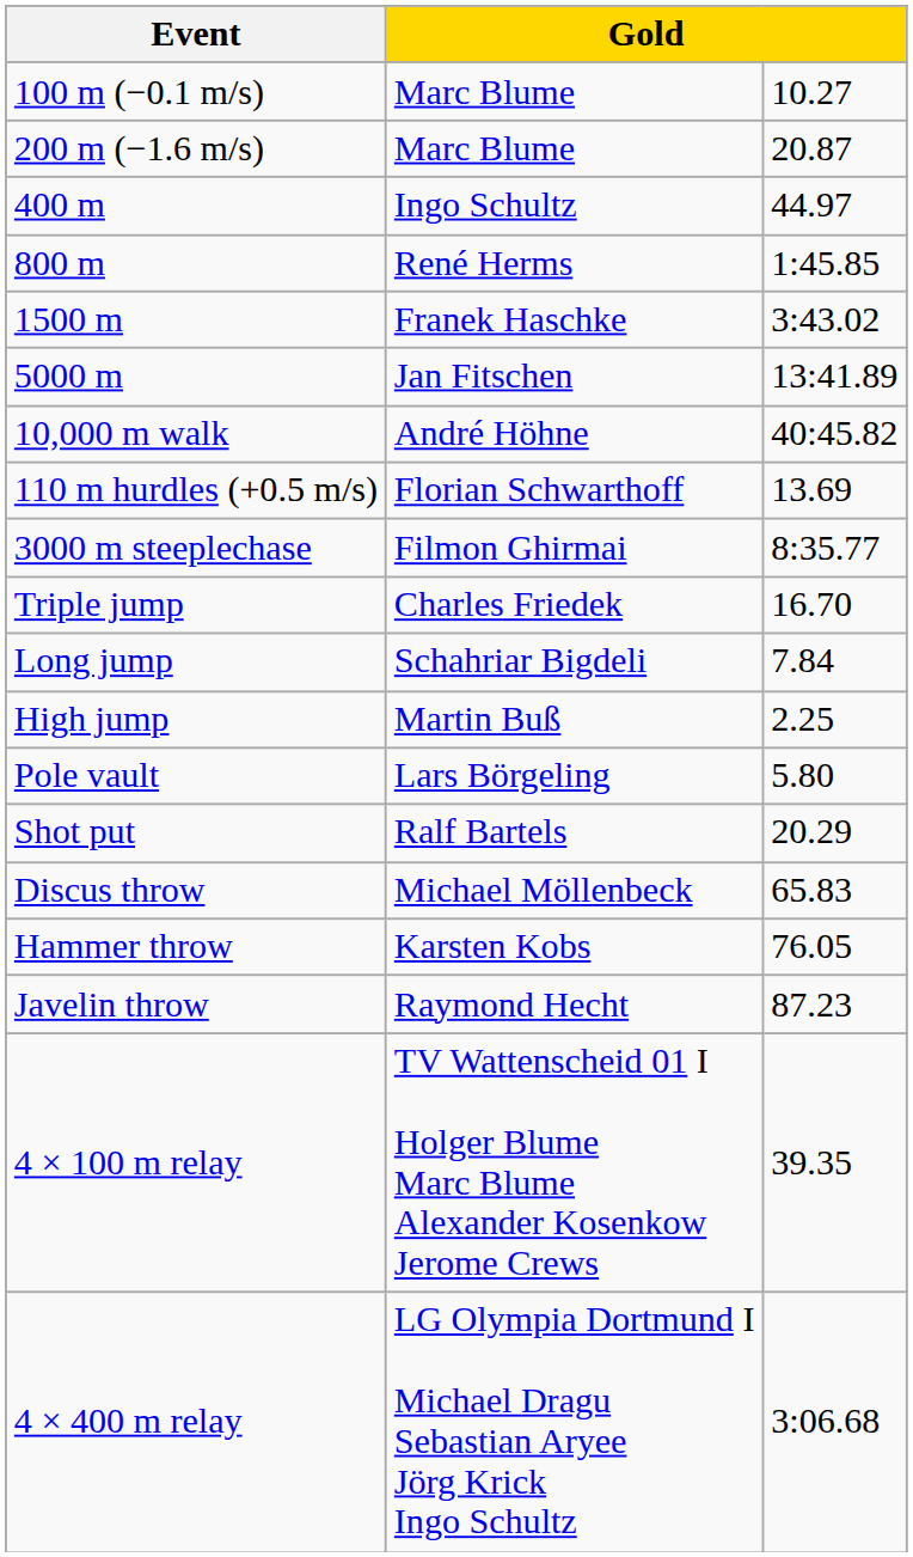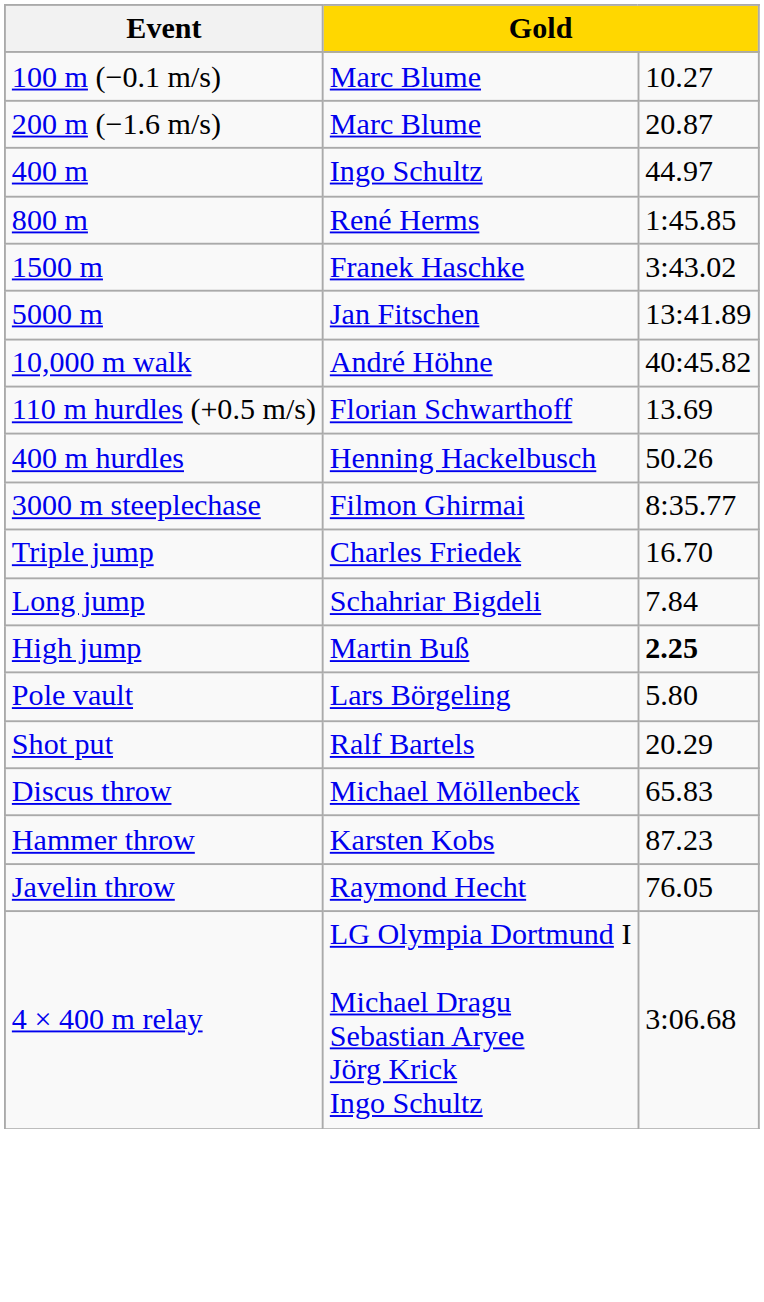 <table class="wikitable">
 <tr>
 <th>Event</th>
 <th style="background:gold;" colspan=2>Gold</th>
 </tr>
 <tr>
 <td><a href='#'>100 m</a> (−0.1 m/s)</td>
 <td><a href='#'>Marc Blume</a></td>
 <td>10.27</td>
 </tr>
 <tr>
 <td><a href='#'>200 m</a> (−1.6 m/s)</td>
 <td><a href='#'>Marc Blume</a></td>
 <td>20.87</td>
 </tr>
 <tr>
 <td><a href='#'>400 m</a></td>
 <td><a href='#'>Ingo Schultz</a></td>
 <td>44.97</td>
 </tr>
 <tr>
 <td><a href='#'>800 m</a></td>
 <td><a href='#'>René Herms</a></td>
 <td>1:45.85 </td>
 </tr>
 <tr>
 <td><a href='#'>1500 m</a></td>
 <td><a href='#'>Franek Haschke</a></td>
 <td>3:43.02</td>
 </tr>
 <tr>
 <td><a href='#'>5000 m</a></td>
 <td><a href='#'>Jan Fitschen</a></td>
 <td>13:41.89</td>
 </tr>
 <tr>
 <td><a href='#'>10,000 m walk</a></td>
 <td><a href='#'>André Höhne</a></td>
 <td>40:45.82 </td>
 </tr>
 <tr>
 <td><a href='#'>110 m hurdles</a> (+0.5 m/s)</td>
 <td><a href='#'>Florian Schwarthoff</a></td>
 <td>13.69</td>
 </tr>
 <tr>
+<td><a href='#'>400 m hurdles</a></td>
+<td><a href='#'>Henning Hackelbusch</a></td>
+<td>50.26 </td>
+</tr>
+<tr>
 <td><a href='#'>3000 m steeplechase</a></td>
 <td><a href='#'>Filmon Ghirmai</a></td>
 <td>8:35.77</td>
 </tr>
 <tr>
 <td><a href='#'>Triple jump</a></td>
 <td><a href='#'>Charles Friedek</a></td>
 <td>16.70</td>
 </tr>
 <tr>
 <td><a href='#'>Long jump</a></td>
 <td><a href='#'>Schahriar Bigdeli</a></td>
 <td>7.84</td>
 </tr>
 <tr>
 <td><a href='#'>High jump</a></td>
 <td><a href='#'>Martin Buß</a></td>
-<td>2.25</td>
+<td><strong>2.25</strong></td>
 </tr>
 <tr>
 <td><a href='#'>Pole vault</a></td>
 <td><a href='#'>Lars Börgeling</a></td>
 <td>5.80</td>
 </tr>
 <tr>
 <td><a href='#'>Shot put</a></td>
 <td><a href='#'>Ralf Bartels</a></td>
 <td>20.29</td>
 </tr>
 <tr>
 <td><a href='#'>Discus throw</a></td>
 <td><a href='#'>Michael Möllenbeck</a></td>
 <td>65.83</td>
 </tr>
 <tr>
 <td><a href='#'>Hammer throw</a></td>
 <td><a href='#'>Karsten Kobs</a></td>
-<td>76.05</td>
+<td>87.23</td>
 </tr>
 <tr>
 <td><a href='#'>Javelin throw</a></td>
 <td><a href='#'>Raymond Hecht</a></td>
-<td>87.23</td>
-</tr>
-<tr>
-<td><a href='#'>4 × 100 m relay</a></td>
-<td><a href='#'>TV Wattenscheid 01</a> I <br><br><a href='#'>Holger Blume</a> <br> <a href='#'>Marc Blume</a> <br> <a href='#'>Alexander Kosenkow</a> <br> <a href='#'>Jerome Crews</a></td>
-<td>39.35</td>
+<td>76.05</td>
 </tr>
 <tr>
 <td><a href='#'>4 × 400 m relay</a></td>
 <td><a href='#'>LG Olympia Dortmund</a> I <br><br><a href='#'>Michael Dragu</a> <br> <a href='#'>Sebastian Aryee</a> <br> <a href='#'>Jörg Krick</a> <br> <a href='#'>Ingo Schultz</a></td>
 <td>3:06.68</td>
 </tr>
 </table>
